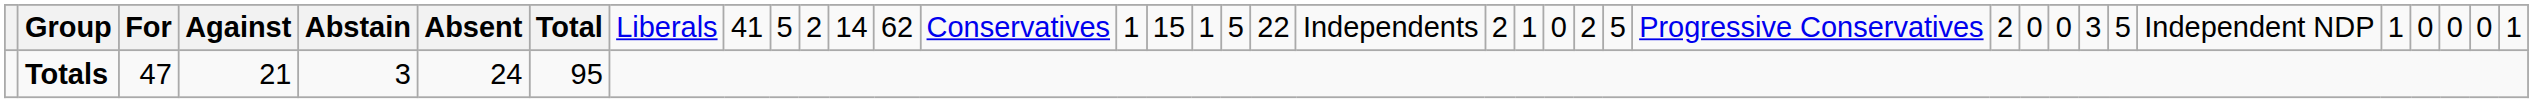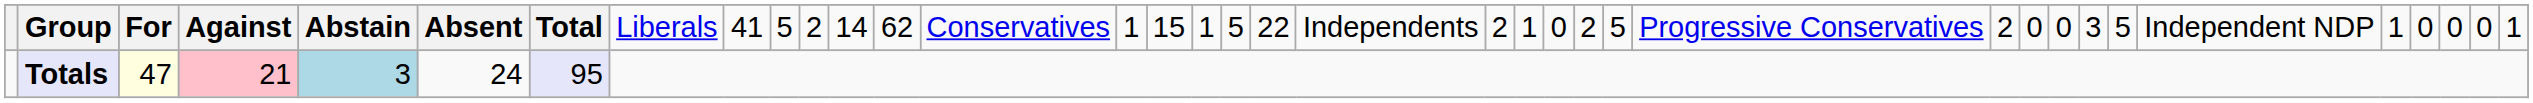 <table class="wikitable">
 <tr>
 <th></th>
 <th>Group</th>
 <th>For</th>
 <th>Against</th>
 <th>Abstain</th>
 <th>Absent</th>
 <th>Total<br></th>
 <td><a href='#'>Liberals</a></td>
 <td align="right">41</td>
 <td align="right">5</td>
 <td align="right">2</td>
 <td align="right">14</td>
 <td align="right">62<br></td>
 <td><a href='#'>Conservatives</a></td>
 <td align="right">1</td>
 <td align="right">15</td>
 <td align="right">1</td>
 <td align="right">5</td>
 <td align="right">22<br></td>
 <td>Independents</td>
 <td align="right">2</td>
 <td align="right">1</td>
 <td align="right">0</td>
 <td align="right">2</td>
 <td align="right">5<br></td>
 <td><a href='#'>Progressive Conservatives</a></td>
 <td align="right">2</td>
 <td align="right">0</td>
 <td align="right">0</td>
 <td align="right">3</td>
 <td align="right">5<br></td>
 <td>Independent NDP</td>
 <td align="right">1</td>
 <td align="right">0</td>
 <td align="right">0</td>
 <td align="right">0</td>
 <td align="right">1</td>
 </tr>
 <tr>
 <td></td>
-<td><strong>Totals</strong></td>
-<td align="right">47</td>
-<td align="right">21</td>
-<td align="right">3</td>
+<td style="background: lavender;"><strong>Totals</strong></td>
+<td align="right" style="background: lightyellow;">47</td>
+<td align="right" style="background: pink;">21</td>
+<td align="right" style="background: lightblue;">3</td>
 <td align="right">24</td>
-<td align="right">95</td>
+<td align="right" style="background: lavender;">95</td>
 </tr>
 </table>
